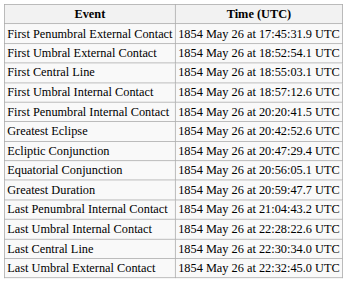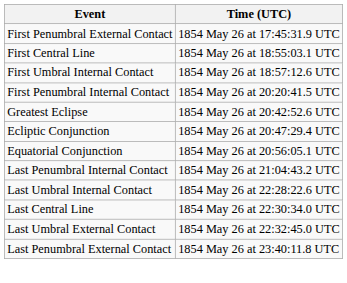 <table class="wikitable">
 <tr>
 <th>Event</th>
 <th>Time (UTC)</th>
 </tr>
 <tr>
 <td>First Penumbral External Contact</td>
 <td>1854 May 26 at 17:45:31.9 UTC</td>
-</tr>
-<tr>
-<td>First Umbral External Contact</td>
-<td>1854 May 26 at 18:52:54.1 UTC</td>
 </tr>
 <tr>
 <td>First Central Line</td>
 <td>1854 May 26 at 18:55:03.1 UTC</td>
 </tr>
 <tr>
 <td>First Umbral Internal Contact</td>
 <td>1854 May 26 at 18:57:12.6 UTC</td>
 </tr>
 <tr>
 <td>First Penumbral Internal Contact</td>
 <td>1854 May 26 at 20:20:41.5 UTC</td>
 </tr>
 <tr>
 <td>Greatest Eclipse</td>
 <td>1854 May 26 at 20:42:52.6 UTC</td>
 </tr>
 <tr>
 <td>Ecliptic Conjunction</td>
 <td>1854 May 26 at 20:47:29.4 UTC</td>
 </tr>
 <tr>
 <td>Equatorial Conjunction</td>
 <td>1854 May 26 at 20:56:05.1 UTC</td>
 </tr>
 <tr>
-<td>Greatest Duration</td>
-<td>1854 May 26 at 20:59:47.7 UTC</td>
-</tr>
-<tr>
 <td>Last Penumbral Internal Contact</td>
 <td>1854 May 26 at 21:04:43.2 UTC</td>
 </tr>
 <tr>
 <td>Last Umbral Internal Contact</td>
 <td>1854 May 26 at 22:28:22.6 UTC</td>
 </tr>
 <tr>
 <td>Last Central Line</td>
 <td>1854 May 26 at 22:30:34.0 UTC</td>
 </tr>
 <tr>
 <td>Last Umbral External Contact</td>
 <td>1854 May 26 at 22:32:45.0 UTC</td>
 </tr>
+<tr>
+<td>Last Penumbral External Contact</td>
+<td>1854 May 26 at 23:40:11.8 UTC</td>
+</tr>
 </table>
